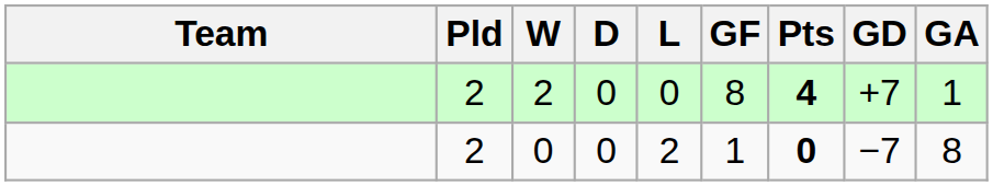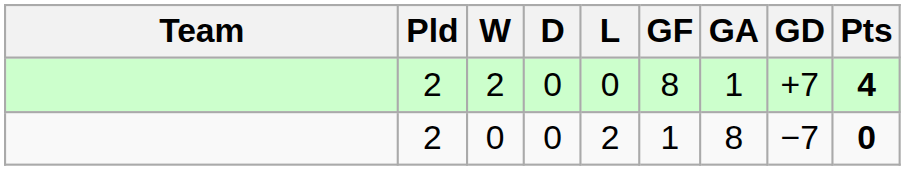 <table class="wikitable" style="text-align:center;">
 <tr>
 <th width=180>Team</th>
 <th width=20>Pld</th>
 <th width=20>W</th>
 <th width=20>D</th>
 <th width=20>L</th>
 <th width=20>GF</th>
+<th width=20>GA</th>
+<th width=20>GD</th>
 <th width=20>Pts</th>
-<th width=20>GD</th>
-<th width=20>GA</th>
 </tr>
 <tr bgcolor="ccffcc">
 <td align="left"></td>
 <td>2</td>
 <td>2</td>
 <td>0</td>
 <td>0</td>
 <td>8</td>
+<td>1</td>
+<td>+7</td>
 <td><strong>4</strong></td>
-<td>+7</td>
-<td>1</td>
 </tr>
 <tr>
 <td align="left"></td>
 <td>2</td>
 <td>0</td>
 <td>0</td>
 <td>2</td>
 <td>1</td>
+<td>8</td>
+<td>−7</td>
 <td><strong>0</strong></td>
-<td>−7</td>
-<td>8</td>
 </tr>
 </table>
